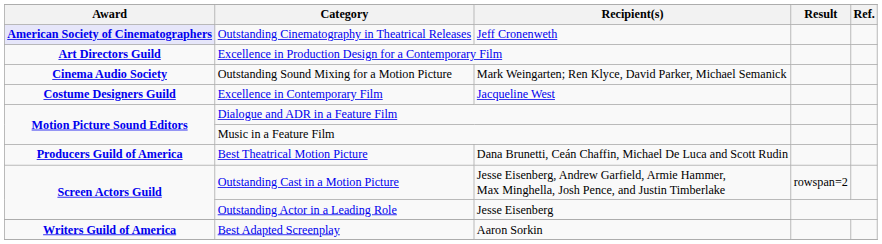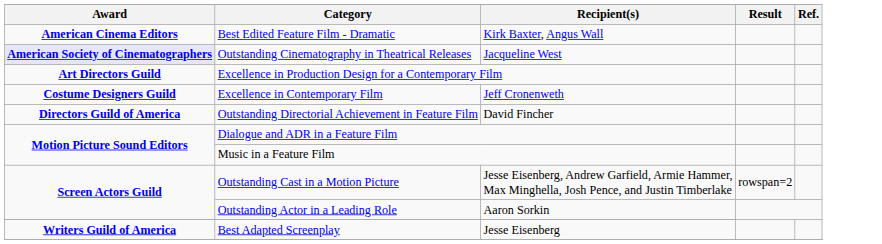 <table class="wikitable" style="font-size:95%;">
 <tr>
 </tr>
 <tr>
 <th>Award</th>
 <th>Category</th>
 <th>Recipient(s)</th>
 <th>Result</th>
 <th>Ref.</th>
 </tr>
 <tr>
+<td style="text-align:center;"><strong><a href='#'>American Cinema Editors</a></strong></td>
+<td><a href='#'>Best Edited Feature Film - Dramatic</a></td>
+<td><a href='#'>Kirk Baxter</a>, <a href='#'>Angus Wall</a></td>
+<td></td>
+<td></td>
+</tr>
+<tr>
 <td style="background: lavender; text-align:center;"><strong><a href='#'>American Society of Cinematographers</a></strong></td>
 <td><a href='#'>Outstanding Cinematography in Theatrical Releases</a></td>
-<td><a href='#'>Jeff Cronenweth</a></td>
+<td><a href='#'>Jacqueline West</a></td>
 <td></td>
 <td></td>
 </tr>
 <tr>
 <td style="text-align:center;"><strong><a href='#'>Art Directors Guild</a></strong></td>
 <td colspan=2><a href='#'>Excellence in Production Design for a Contemporary Film</a></td>
 <td></td>
 <td></td>
 </tr>
 <tr>
-<td style="text-align:center;"><strong><a href='#'>Cinema Audio Society</a></strong></td>
-<td>Outstanding Sound Mixing for a Motion Picture</td>
-<td>Mark Weingarten; Ren Klyce, David Parker, Michael Semanick</td>
+<td style="text-align:center;"><strong><a href='#'>Costume Designers Guild</a></strong></td>
+<td><a href='#'>Excellence in Contemporary Film</a></td>
+<td><a href='#'>Jeff Cronenweth</a></td>
 <td></td>
 <td></td>
 </tr>
 <tr>
-<td style="text-align:center;"><strong><a href='#'>Costume Designers Guild</a></strong></td>
-<td><a href='#'>Excellence in Contemporary Film</a></td>
-<td><a href='#'>Jacqueline West</a></td>
+<td style="text-align:center;"><strong><a href='#'>Directors Guild of America</a></strong></td>
+<td><a href='#'>Outstanding Directorial Achievement in Feature Film</a></td>
+<td>David Fincher</td>
 <td></td>
 <td></td>
 </tr>
 <tr>
 <td rowspan="2" style="text-align:center;"><strong><a href='#'>Motion Picture Sound Editors</a></strong></td>
 <td colspan=2><a href='#'>Dialogue and ADR in a Feature Film</a></td>
 <td></td>
 <td></td>
 </tr>
 <tr>
 <td colspan=2>Music in a Feature Film</td>
 <td></td>
 <td></td>
 </tr>
 <tr>
-<td style="text-align:center;"><strong><a href='#'>Producers Guild of America</a></strong></td>
-<td><a href='#'>Best Theatrical Motion Picture</a></td>
-<td>Dana Brunetti, Ceán Chaffin, Michael De Luca and Scott Rudin</td>
-<td></td>
-<td></td>
-</tr>
-<tr>
 <td rowspan="2" style="text-align:center;"><strong><a href='#'>Screen Actors Guild</a></strong></td>
 <td><a href='#'>Outstanding Cast in a Motion Picture</a></td>
 <td>Jesse Eisenberg, Andrew Garfield, Armie Hammer, <br> Max Minghella, Josh Pence, and Justin Timberlake</td>
 <td>rowspan=2 </td>
 <td></td>
 </tr>
 <tr>
 <td><a href='#'>Outstanding Actor in a Leading Role</a></td>
-<td>Jesse Eisenberg</td>
+<td>Aaron Sorkin</td>
 </tr>
 <tr>
 </tr>
 <tr>
 </tr>
 <tr style="border-top:px solid gray;">
 <td style="text-align:center;"><strong><a href='#'>Writers Guild of America</a></strong></td>
 <td><a href='#'>Best Adapted Screenplay</a></td>
-<td>Aaron Sorkin</td>
+<td>Jesse Eisenberg</td>
 <td></td>
 <td></td>
 </tr>
 <tr>
 </tr>
 </table>
